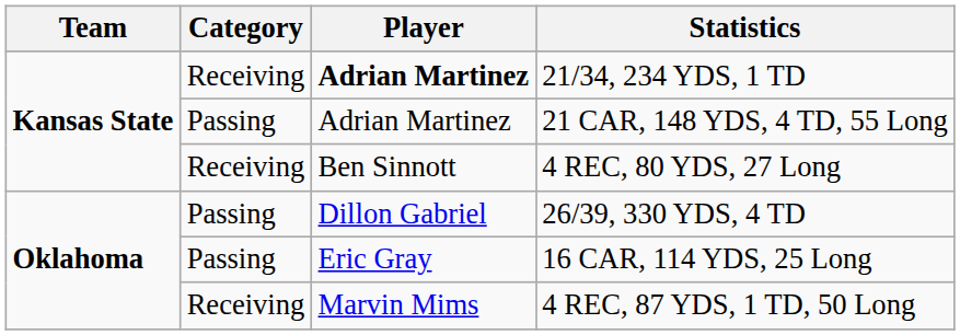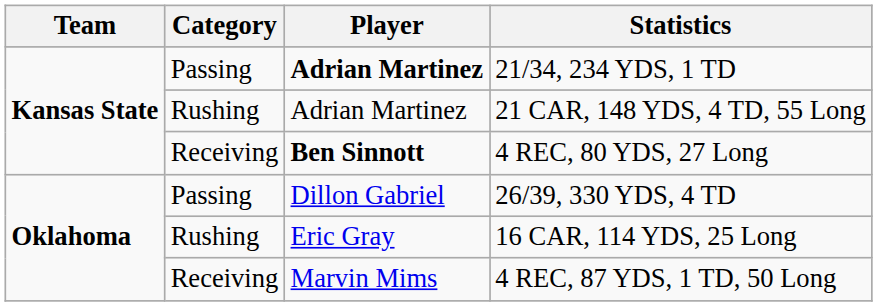 <table class="wikitable" style="float: right;">
 <tr>
 <th>Team</th>
 <th>Category</th>
 <th>Player</th>
 <th>Statistics</th>
 </tr>
 <tr>
 <td rowspan=3><strong>Kansas State</strong></td>
-<td>Receiving</td>
+<td>Passing</td>
 <td><strong>Adrian Martinez</strong></td>
 <td>21/34, 234 YDS, 1 TD</td>
 </tr>
 <tr>
-<td>Passing</td>
+<td>Rushing</td>
 <td>Adrian Martinez</td>
 <td>21 CAR, 148 YDS, 4 TD, 55 Long</td>
 </tr>
 <tr>
 <td>Receiving</td>
-<td>Ben Sinnott</td>
+<td><strong>Ben Sinnott</strong></td>
 <td>4 REC, 80 YDS, 27 Long</td>
 </tr>
 <tr>
 <td rowspan=3><strong>Oklahoma</strong></td>
 <td>Passing</td>
 <td><a href='#'>Dillon Gabriel</a></td>
 <td>26/39, 330 YDS, 4 TD</td>
 </tr>
 <tr>
-<td>Passing</td>
+<td>Rushing</td>
 <td><a href='#'>Eric Gray</a></td>
 <td>16 CAR, 114 YDS, 25 Long</td>
 </tr>
 <tr>
 <td>Receiving</td>
 <td><a href='#'>Marvin Mims</a></td>
 <td>4 REC, 87 YDS, 1 TD, 50 Long</td>
 </tr>
 </table>
